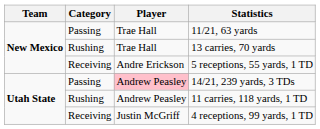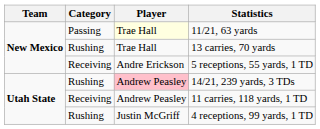 <table class="wikitable" style="float: left;">
 <tr>
 <th>Team</th>
 <th>Category</th>
 <th>Player</th>
 <th>Statistics</th>
 </tr>
 <tr>
 <td rowspan=3><strong>New Mexico</strong></td>
 <td>Passing</td>
-<td>Trae Hall</td>
+<td style="background: lightyellow;">Trae Hall</td>
 <td>11/21, 63 yards</td>
 </tr>
 <tr>
 <td>Rushing</td>
 <td>Trae Hall</td>
 <td>13 carries, 70 yards</td>
 </tr>
 <tr>
 <td>Receiving</td>
 <td>Andre Erickson</td>
 <td>5 receptions, 55 yards, 1 TD</td>
 </tr>
 <tr>
 <td rowspan=3><strong>Utah State</strong></td>
-<td>Passing</td>
+<td>Rushing</td>
 <td style="background: pink;">Andrew Peasley</td>
 <td>14/21, 239 yards, 3 TDs</td>
 </tr>
 <tr>
-<td>Rushing</td>
+<td>Receiving</td>
 <td>Andrew Peasley</td>
 <td>11 carries, 118 yards, 1 TD</td>
 </tr>
 <tr>
-<td>Receiving</td>
+<td>Rushing</td>
 <td>Justin McGriff</td>
 <td>4 receptions, 99 yards, 1 TD</td>
 </tr>
 </table>
